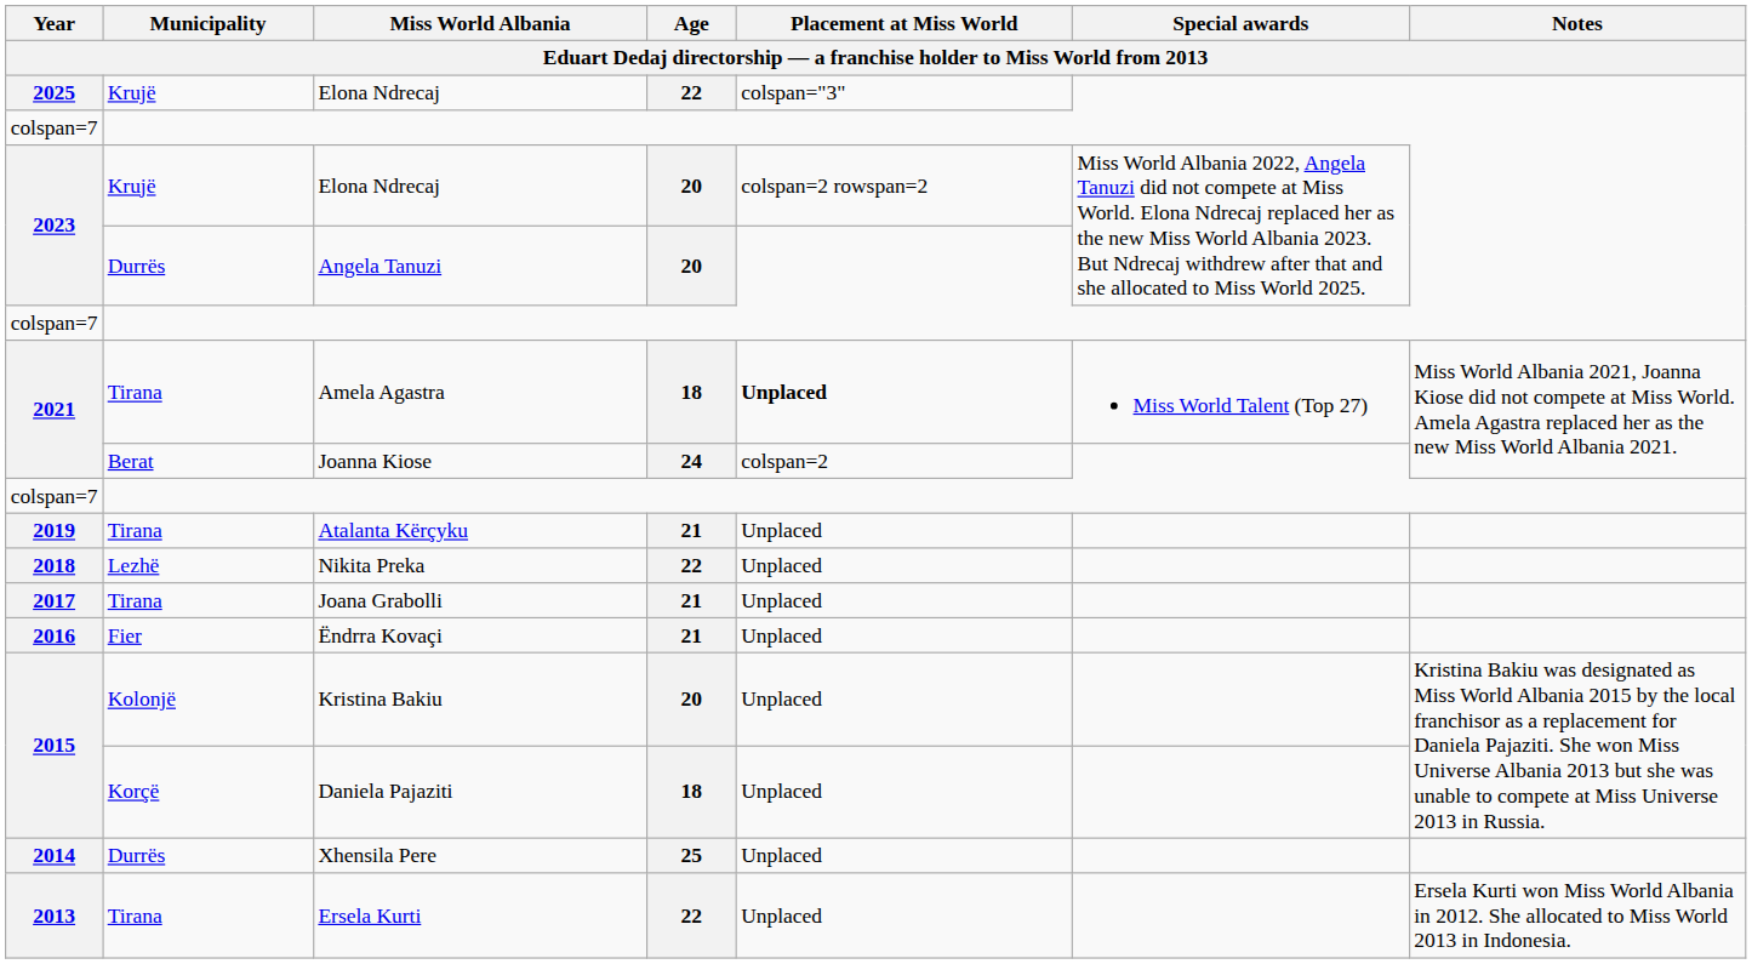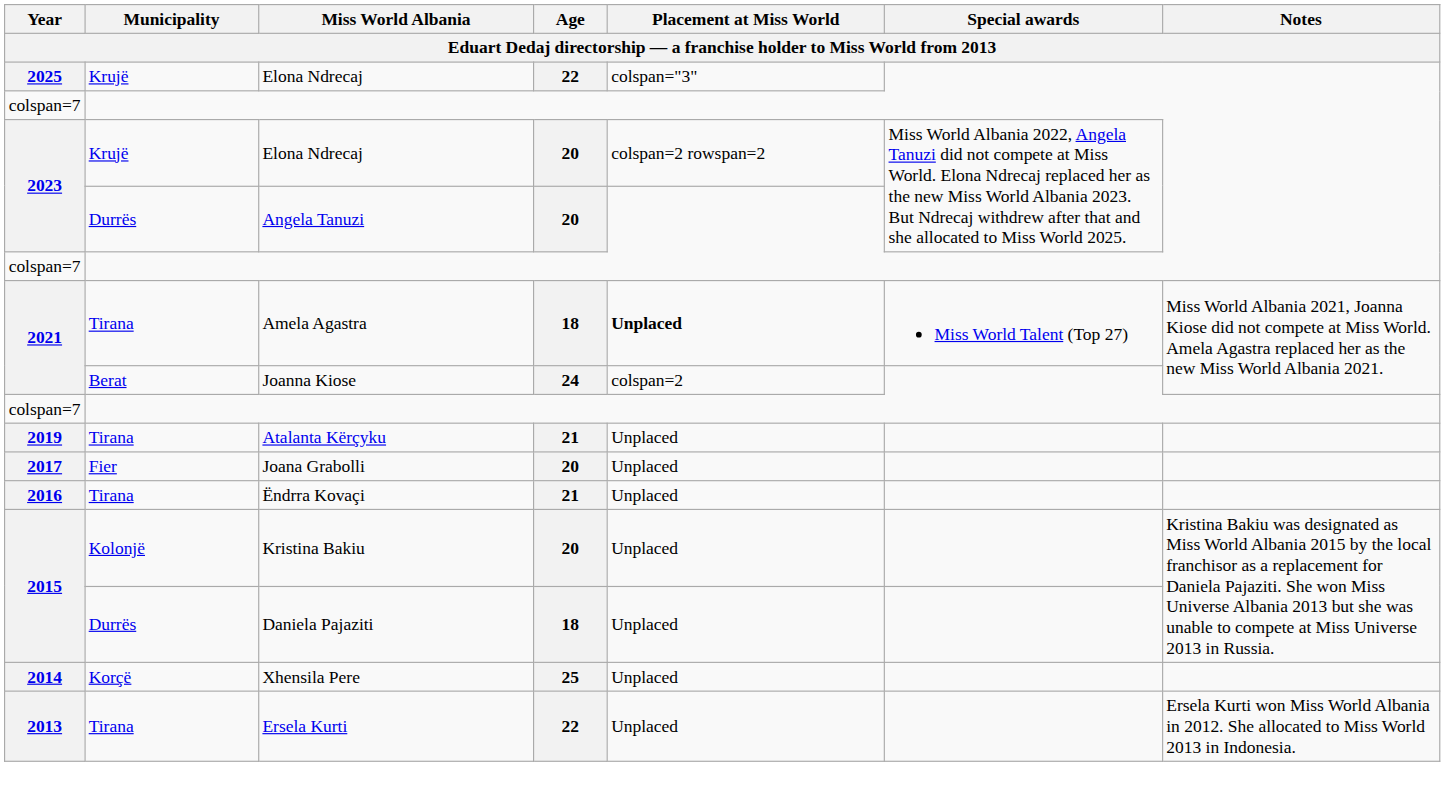 <table class="wikitable " style="font-size: 95%;">
 <tr>
 <th width="60">Year</th>
 <th width="150">Municipality</th>
 <th width="250">Miss World Albania</th>
 <th width="60">Age</th>
 <th width="250">Placement at Miss World</th>
 <th width="250">Special awards</th>
 <th width="250">Notes</th>
 </tr>
 <tr>
 <th colspan="7">Eduart Dedaj directorship — a franchise holder to Miss World from 2013</th>
 </tr>
 <tr>
 <th><a href='#'>2025</a></th>
 <td><a href='#'>Krujë</a></td>
 <td>Elona Ndrecaj</td>
 <th>22</th>
 <td>colspan="3" </td>
 </tr>
 <tr>
 <td>colspan=7 </td>
 </tr>
 <tr>
 <th rowspan="2"><a href='#'>2023</a></th>
 <td><a href='#'>Krujë</a></td>
 <td>Elona Ndrecaj</td>
 <th>20</th>
 <td>colspan=2 rowspan=2 </td>
 <td rowspan=2>Miss World Albania 2022, <a href='#'>Angela Tanuzi</a> did not compete at Miss World. Elona Ndrecaj replaced her as the new Miss World Albania 2023. But Ndrecaj withdrew after that and she allocated to Miss World 2025.</td>
 </tr>
 <tr>
 <td><a href='#'>Durrës</a></td>
 <td><a href='#'>Angela Tanuzi</a></td>
 <th>20</th>
 </tr>
 <tr>
 <td>colspan=7 </td>
 </tr>
 <tr>
 <th rowspan=2><a href='#'>2021</a></th>
 <td><a href='#'>Tirana</a></td>
 <td>Amela Agastra</td>
 <th>18</th>
 <td><strong>Unplaced</strong></td>
 <td><br><ul><li><a href='#'>Miss World Talent</a> (Top 27)</li></ul></td>
 <td rowspan=2>Miss World Albania 2021, Joanna Kiose did not compete at Miss World. Amela Agastra replaced her as  the new Miss World Albania 2021.</td>
 </tr>
 <tr>
 <td><a href='#'>Berat</a></td>
 <td>Joanna Kiose</td>
 <th>24</th>
 <td>colspan=2 </td>
 </tr>
 <tr>
 <td>colspan=7 </td>
 </tr>
 <tr>
 <th><a href='#'>2019</a></th>
 <td><a href='#'>Tirana</a></td>
 <td><a href='#'>Atalanta Kërçyku</a></td>
 <th>21</th>
 <td>Unplaced</td>
 <td></td>
 <td></td>
 </tr>
 <tr>
-<th><a href='#'>2018</a></th>
-<td><a href='#'>Lezhë</a></td>
-<td>Nikita Preka</td>
-<th>22</th>
-<td>Unplaced</td>
-<td></td>
-<td></td>
-</tr>
-<tr>
 <th><a href='#'>2017</a></th>
-<td><a href='#'>Tirana</a></td>
+<td><a href='#'>Fier</a></td>
 <td>Joana Grabolli</td>
-<th>21</th>
+<th>20</th>
 <td>Unplaced</td>
 <td></td>
 <td></td>
 </tr>
 <tr>
 <th><a href='#'>2016</a></th>
-<td><a href='#'>Fier</a></td>
+<td><a href='#'>Tirana</a></td>
 <td>Ëndrra Kovaçi</td>
 <th>21</th>
 <td>Unplaced</td>
 <td></td>
 <td></td>
 </tr>
 <tr>
 <th rowspan="2"><a href='#'>2015</a></th>
 <td><a href='#'>Kolonjë</a></td>
 <td>Kristina Bakiu</td>
 <th>20</th>
 <td>Unplaced</td>
 <td></td>
 <td rowspan="2">Kristina Bakiu was designated as Miss World Albania 2015 by the local franchisor as a replacement for Daniela Pajaziti. She won Miss Universe Albania 2013 but she was unable to compete at Miss Universe 2013 in Russia.</td>
 </tr>
 <tr>
-<td><a href='#'>Korçë</a></td>
+<td><a href='#'>Durrës</a></td>
 <td>Daniela Pajaziti</td>
 <th>18</th>
 <td>Unplaced</td>
 </tr>
 <tr>
 <th><a href='#'>2014</a></th>
-<td><a href='#'>Durrës</a></td>
+<td><a href='#'>Korçë</a></td>
 <td>Xhensila Pere</td>
 <th>25</th>
 <td>Unplaced</td>
 <td></td>
 <td></td>
 </tr>
 <tr>
 <th><a href='#'>2013</a></th>
 <td><a href='#'>Tirana</a></td>
 <td><a href='#'>Ersela Kurti</a></td>
 <th>22</th>
 <td>Unplaced</td>
 <td></td>
 <td>Ersela Kurti won Miss World Albania in 2012. She allocated to Miss World 2013 in Indonesia.</td>
 </tr>
 </table>
